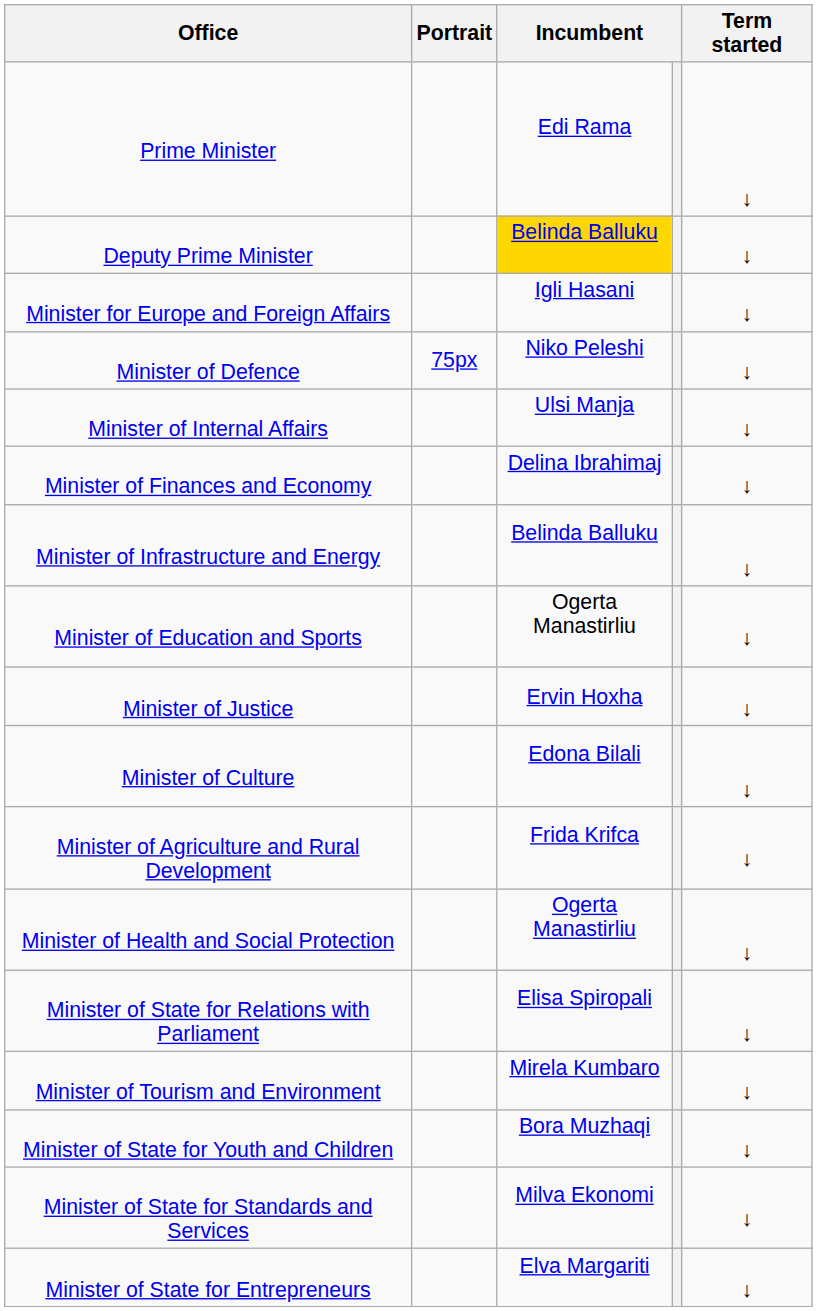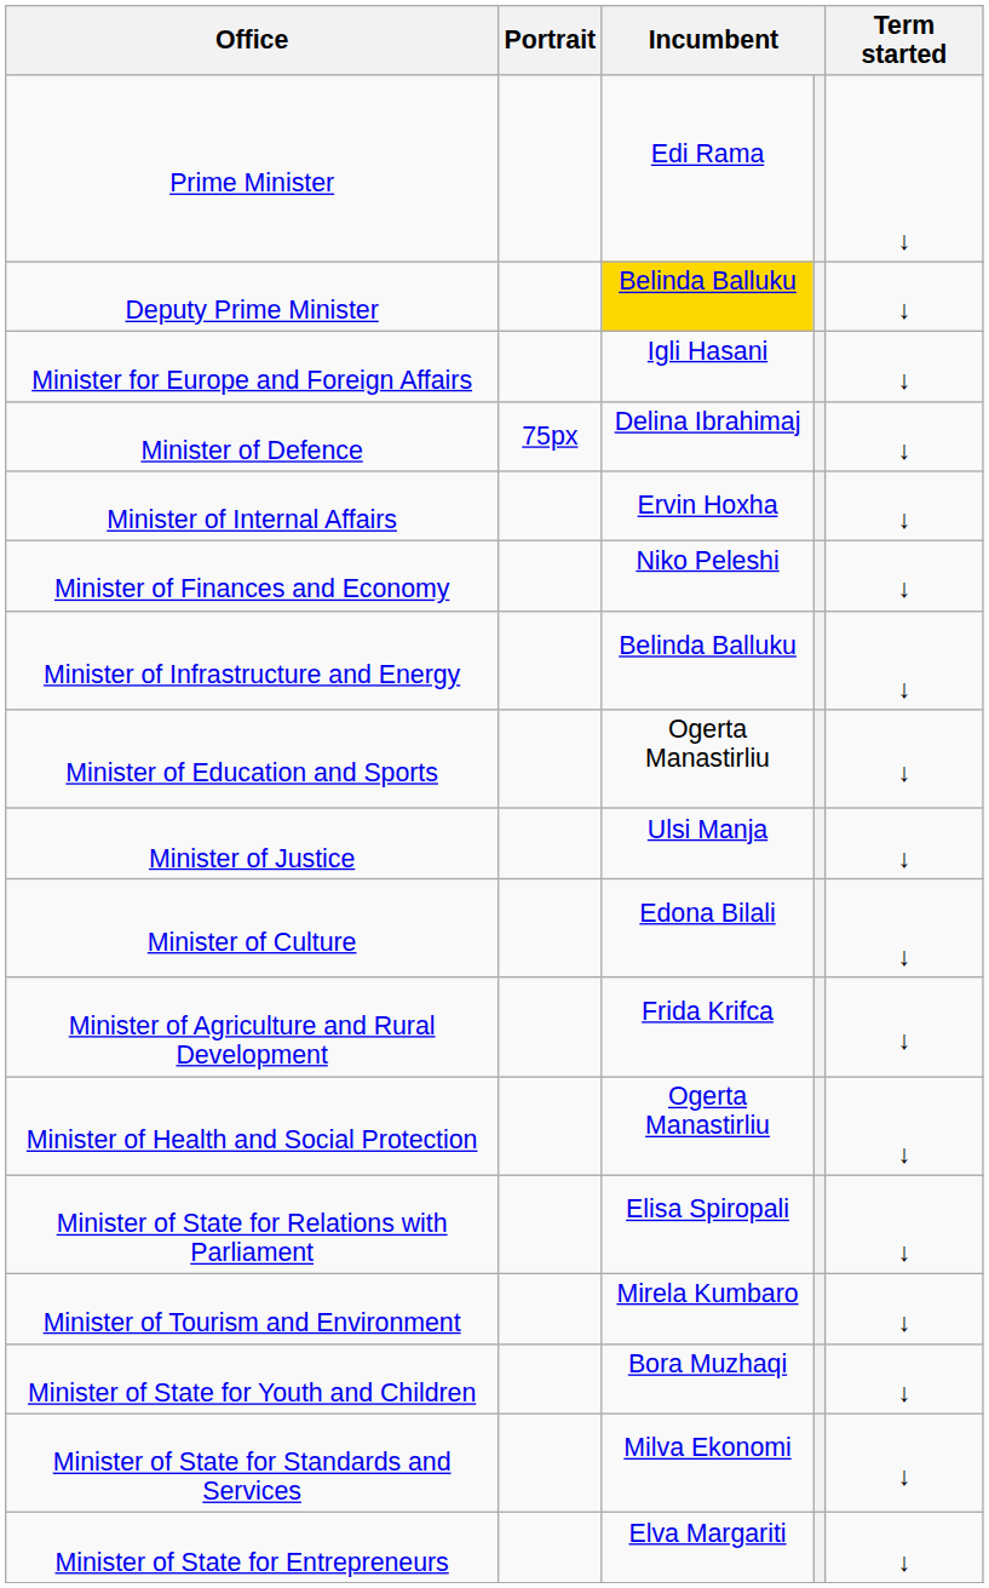 <table class="wikitable">
 <tr>
 <th>Office</th>
 <th>Portrait</th>
 <th colspan="2">Incumbent</th>
 <th>Term started</th>
 </tr>
 <tr>
 <td align="center"><br><a href='#'>Prime Minister</a></td>
 <td align="center"></td>
 <td align="center"><a href='#'>Edi Rama</a><br><em></em><br></td>
 <th rowspan="1" style="background:"></th>
 <td align="center"><br><br><br><br> <br>↓<br><em></em></td>
 </tr>
 <tr>
 <td align="center"><br><a href='#'>Deputy Prime Minister</a></td>
 <td align="center"></td>
 <td align="center" style="background: gold;"><a href='#'>Belinda Balluku</a><br><em></em><br></td>
 <th rowspan="1" style="background:"></th>
 <td align="center"><br>↓<br><em></em></td>
 </tr>
 <tr>
 <td align="center"><br><a href='#'>Minister for Europe and Foreign Affairs</a></td>
 <td align="center"></td>
 <td align="center"><a href='#'>Igli Hasani</a><br><br></td>
 <th rowspan="1" style="background:"></th>
 <td align="center"><br>↓<br><em></em></td>
 </tr>
 <tr>
 <td align="center"><br><a href='#'>Minister of Defence</a></td>
 <td align="center"><a href='#'>75px</a></td>
-<td align="center"><a href='#'>Niko Peleshi</a><br><em></em><br></td>
+<td align="center"><a href='#'>Delina Ibrahimaj</a><br><em></em><br></td>
 <th rowspan="1" style="background:"></th>
 <td align="center"><br>↓<br><em></em></td>
 </tr>
 <tr>
 <td align="center"><br><a href='#'>Minister of Internal Affairs</a></td>
 <td align="center"></td>
-<td align="center"><a href='#'>Ulsi Manja</a><br><em></em><br></td>
+<td align="center"><a href='#'>Ervin Hoxha</a><br><em></em></td>
 <th rowspan="1" style="background:"></th>
 <td align="center"><br>↓<br><em></em></td>
 </tr>
 <tr>
 <td align="center"><br><a href='#'>Minister of Finances and Economy</a></td>
 <td align="center"></td>
-<td align="center"><a href='#'>Delina Ibrahimaj</a><br><em></em><br></td>
+<td align="center"><a href='#'>Niko Peleshi</a><br><em></em><br></td>
 <th rowspan="1" style="background:"></th>
 <td align="center"><br>↓<br><em></em></td>
 </tr>
 <tr>
 <td align="center"><br><a href='#'>Minister of Infrastructure and Energy</a></td>
 <td align="center"></td>
 <td align="center"><a href='#'>Belinda Balluku</a><br><em></em><br></td>
 <th rowspan="1" style="background:"></th>
 <td align="center"><br><br>↓<br><em></em></td>
 </tr>
 <tr>
 <td align="center"><br><a href='#'>Minister of Education and Sports</a></td>
 <td align="center"></td>
 <td align="center">Ogerta Manastirliu<br><em></em><br></td>
 <th rowspan="1" style="background:"></th>
 <td align="center"><br>↓<br><em></em></td>
 </tr>
 <tr>
 <td align="center"><br><a href='#'>Minister of Justice</a></td>
 <td align="center"></td>
-<td align="center"><a href='#'>Ervin Hoxha</a><br><em></em></td>
+<td align="center"><a href='#'>Ulsi Manja</a><br><em></em><br></td>
 <th rowspan="1" style="background:"></th>
 <td align="center"><br>↓<br><em></em></td>
 </tr>
 <tr>
 <td align="center"><br><a href='#'>Minister of Culture</a></td>
 <td align="center"></td>
 <td align="center"><a href='#'>Edona Bilali</a><br><em></em><br></td>
 <th rowspan="1" style="background:"></th>
 <td align="center"><br><br>↓<br><em></em></td>
 </tr>
 <tr>
 <td align="center"><br><a href='#'>Minister of Agriculture and Rural Development</a></td>
 <td align="center"></td>
 <td align="center"><a href='#'>Frida Krifca</a><br><em></em><br></td>
 <th rowspan="1" style="background:"></th>
 <td align="center"><br>↓<br><em></em></td>
 </tr>
 <tr>
 <td align="center"><br><a href='#'>Minister of Health and Social Protection</a></td>
 <td align="center"></td>
 <td align="center"><a href='#'>Ogerta Manastirliu</a><br><em></em><br></td>
 <th rowspan="1" style="background:"></th>
 <td align="center"><br><br>↓<br><em></em></td>
 </tr>
 <tr>
 <td align="center"><br><a href='#'>Minister of State for Relations with Parliament</a></td>
 <td align="center"></td>
 <td align="center"><a href='#'>Elisa Spiropali</a><br><em></em><br></td>
 <th rowspan="1" style="background:"></th>
 <td align="center"><br><br>↓<br><em></em></td>
 </tr>
 <tr>
 <td align="center"><br><a href='#'>Minister of Tourism and Environment</a></td>
 <td align="center"></td>
 <td align="center"><a href='#'>Mirela Kumbaro</a><br><em></em><br></td>
 <th rowspan="1" style="background:"></th>
 <td align="center"><br>↓<br><em></em></td>
 </tr>
 <tr>
 <td align="center"><br><a href='#'>Minister of State for Youth and Children</a></td>
 <td align="center"></td>
 <td align="center"><a href='#'>Bora Muzhaqi</a><br><em></em><br></td>
 <th rowspan="1" style="background:"></th>
 <td align="center"><br>↓<br><em></em></td>
 </tr>
 <tr>
 <td align="center"><br><a href='#'>Minister of State for Standards and Services</a></td>
 <td align="center"></td>
 <td align="center"><a href='#'>Milva Ekonomi</a><br><em></em><br></td>
 <th rowspan="1" style="background:"></th>
 <td align="center"><br>↓<br><em></em></td>
 </tr>
 <tr>
 <td align="center"><br><a href='#'>Minister of State for Entrepreneurs</a></td>
 <td align="center"></td>
 <td align="center"><a href='#'>Elva Margariti</a><br><em></em><br></td>
 <th rowspan="1" style="background:"></th>
 <td align="center"><br>↓<br><em></em></td>
 </tr>
 <tr>
 </tr>
 </table>
